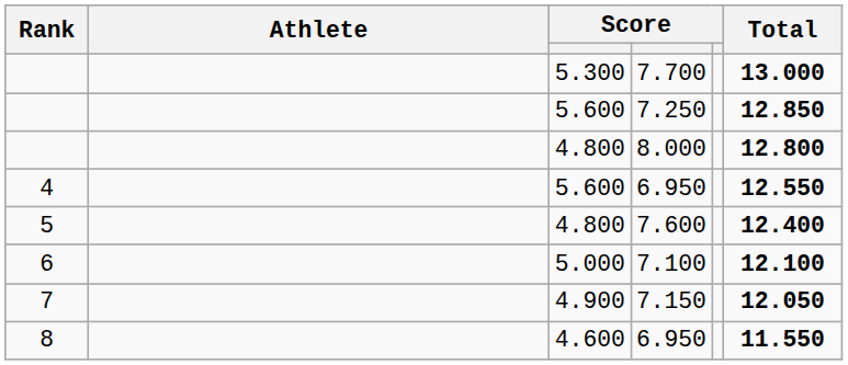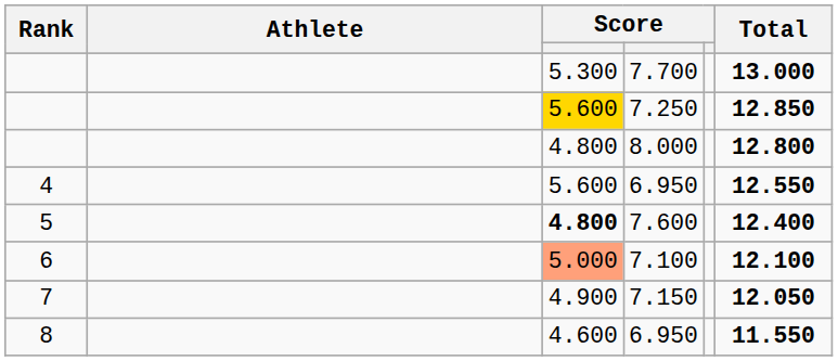 <table class=wikitable style="text-align:center">
 <tr>
 <th width="40" rowspan="2">Rank</th>
 <th width="250" rowspan="2">Athlete</th>
 <th width="60" colspan="3">Score</th>
 <th width="60" rowspan="2">Total</th>
 </tr>
 <tr>
 <th></th>
 <th></th>
 <th></th>
 </tr>
 <tr>
 <td></td>
 <td align="left"></td>
 <td>5.300</td>
 <td>7.700</td>
 <td></td>
 <td><strong>13.000</strong></td>
 </tr>
 <tr>
 <td></td>
 <td align="left"></td>
-<td>5.600</td>
+<td style="background: gold;">5.600</td>
 <td>7.250</td>
 <td></td>
 <td><strong>12.850</strong></td>
 </tr>
 <tr>
 <td></td>
 <td align="left"></td>
 <td>4.800</td>
 <td>8.000</td>
 <td></td>
 <td><strong>12.800</strong></td>
 </tr>
 <tr>
 <td>4</td>
 <td align="left"></td>
 <td>5.600</td>
 <td>6.950</td>
 <td></td>
 <td><strong>12.550</strong></td>
 </tr>
 <tr>
 <td>5</td>
 <td align="left"></td>
-<td>4.800</td>
+<td><strong>4.800</strong></td>
 <td>7.600</td>
 <td></td>
 <td><strong>12.400</strong></td>
 </tr>
 <tr>
 <td>6</td>
 <td align="left"></td>
-<td>5.000</td>
+<td style="background: lightsalmon;">5.000</td>
 <td>7.100</td>
 <td></td>
 <td><strong>12.100</strong></td>
 </tr>
 <tr>
 <td>7</td>
 <td align="left"></td>
 <td>4.900</td>
 <td>7.150</td>
 <td></td>
 <td><strong>12.050</strong></td>
 </tr>
 <tr>
 <td>8</td>
 <td align="left"></td>
 <td>4.600</td>
 <td>6.950</td>
 <td></td>
 <td><strong>11.550</strong></td>
 </tr>
 </table>
